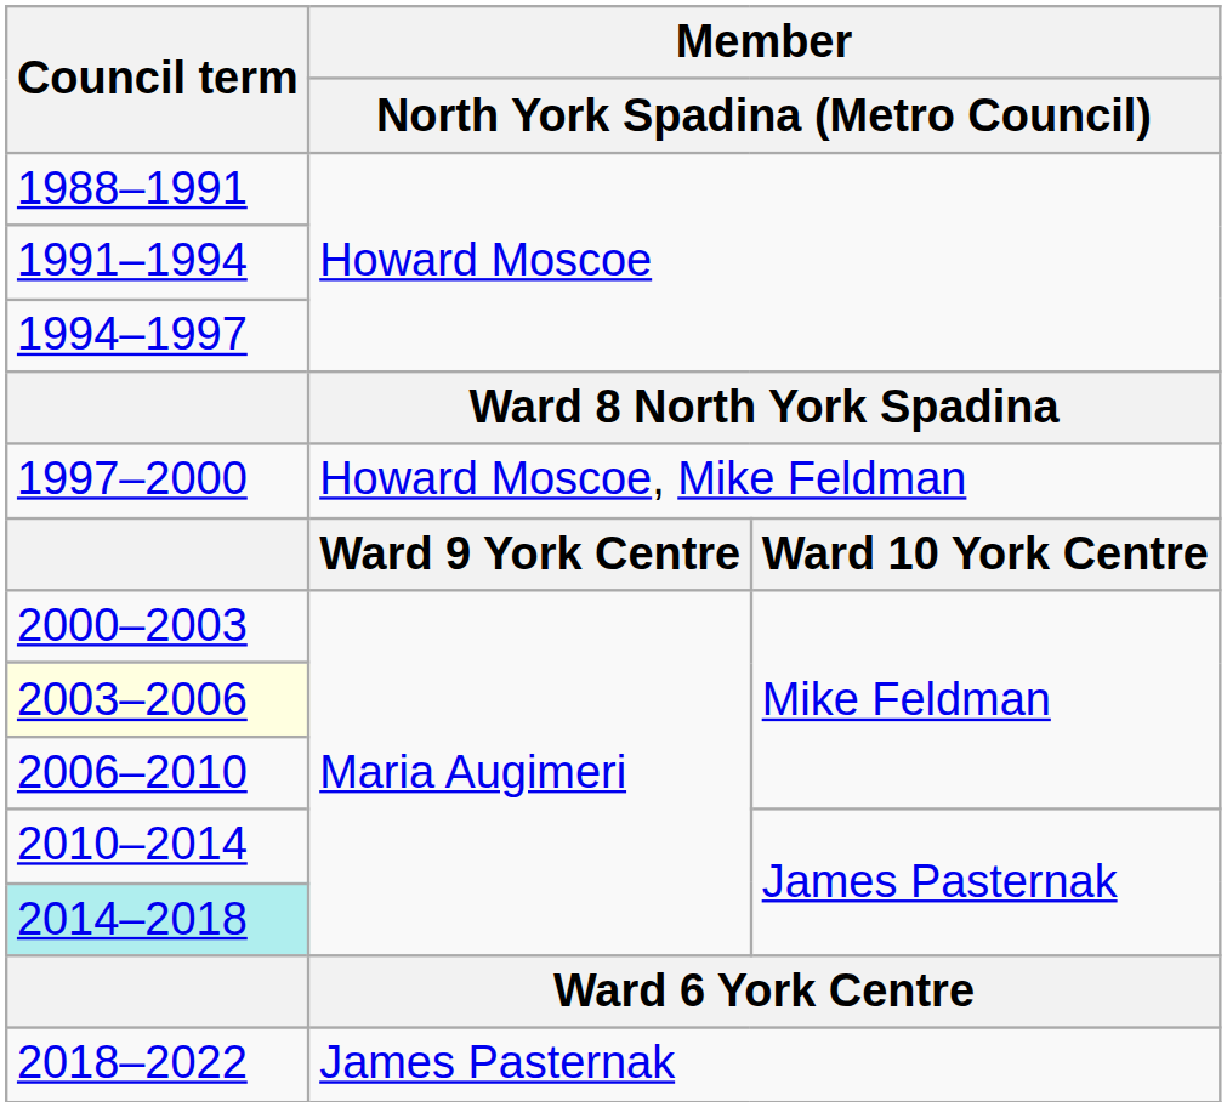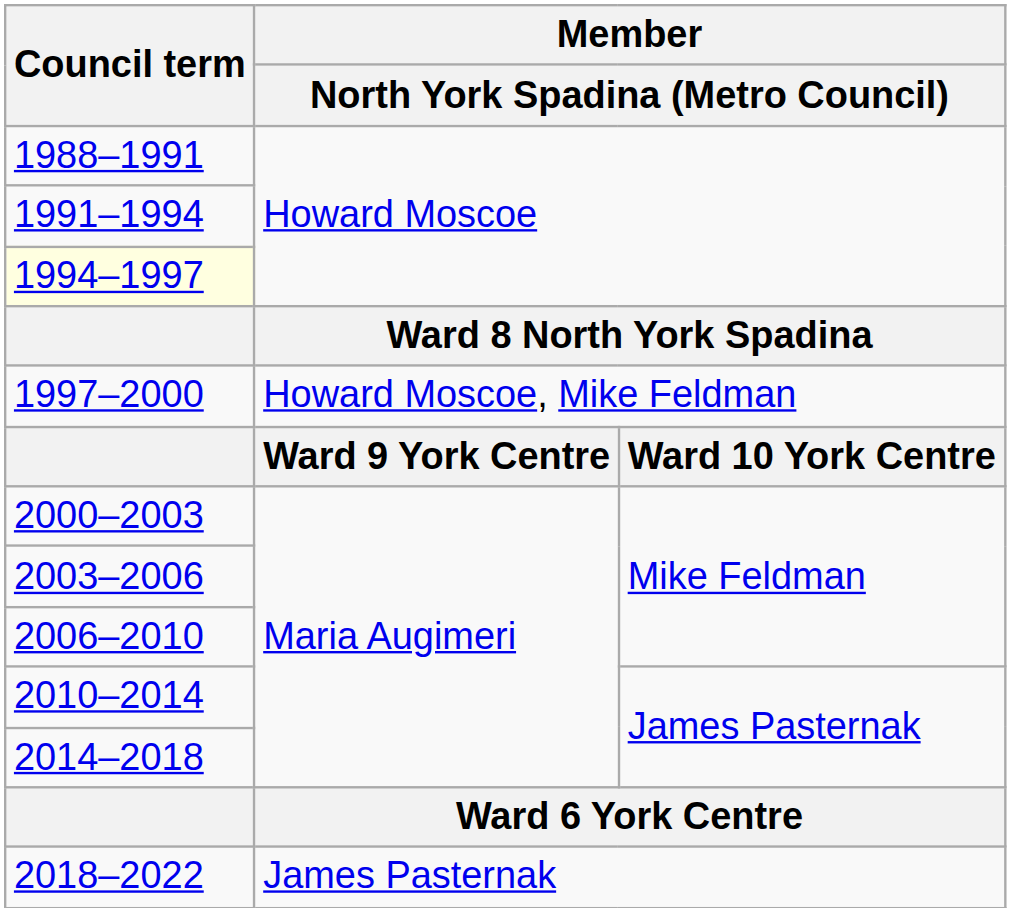 <table class="wikitable">
 <tr>
 <th rowspan="2">Council term</th>
 <th colspan="2">Member</th>
 </tr>
 <tr>
 <th colspan="2">North York Spadina (Metro Council)</th>
 </tr>
 <tr>
 <td><a href='#'>1988–1991</a></td>
 <td colspan="2" rowspan="3"><a href='#'>Howard Moscoe</a></td>
 </tr>
 <tr>
 <td><a href='#'>1991–1994</a></td>
 </tr>
 <tr>
-<td><a href='#'>1994–1997</a></td>
+<td style="background: lightyellow;"><a href='#'>1994–1997</a></td>
 </tr>
 <tr>
 <th></th>
 <th colspan="2">Ward 8 North York Spadina</th>
 </tr>
 <tr>
 <td><a href='#'>1997–2000</a></td>
 <td colspan="2"><a href='#'>Howard Moscoe</a>, <a href='#'>Mike Feldman</a></td>
 </tr>
 <tr>
 <th></th>
 <th>Ward 9 York Centre</th>
 <th>Ward 10 York Centre</th>
 </tr>
 <tr>
 <td><a href='#'>2000–2003</a></td>
 <td rowspan="5"><a href='#'>Maria Augimeri</a></td>
 <td rowspan="3"><a href='#'>Mike Feldman</a></td>
 </tr>
 <tr>
-<td style="background: lightyellow;"><a href='#'>2003–2006</a></td>
+<td><a href='#'>2003–2006</a></td>
 </tr>
 <tr>
 <td><a href='#'>2006–2010</a></td>
 </tr>
 <tr>
 <td><a href='#'>2010–2014</a></td>
 <td rowspan="2"><a href='#'>James Pasternak</a></td>
 </tr>
 <tr>
-<td style="background: paleturquoise;"><a href='#'>2014–2018</a></td>
+<td><a href='#'>2014–2018</a></td>
 </tr>
 <tr>
 <th></th>
 <th colspan="2">Ward 6 York Centre</th>
 </tr>
 <tr>
 <td><a href='#'>2018–2022</a></td>
 <td colspan="2"><a href='#'>James Pasternak</a></td>
 </tr>
 </table>
